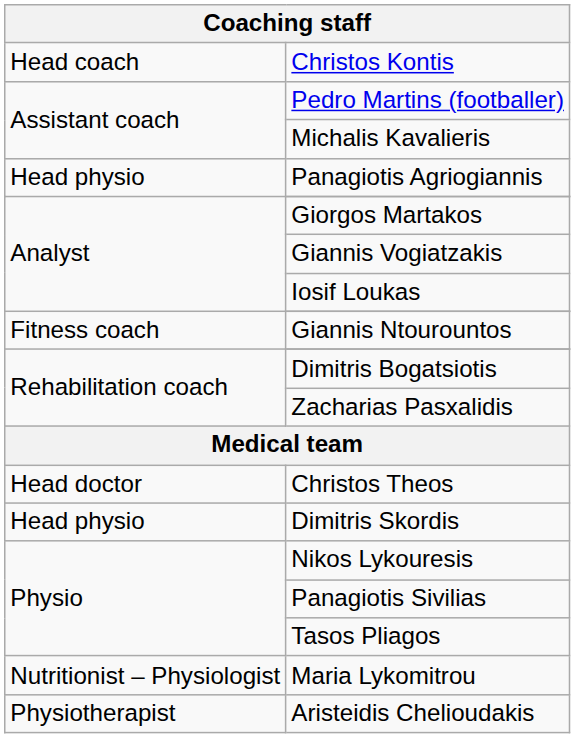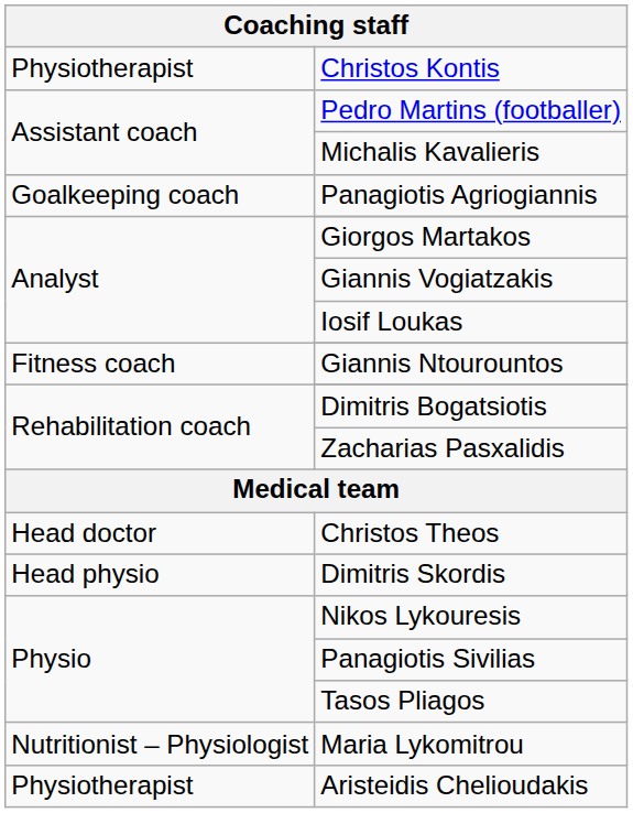 <table class="wikitable" style="text-align: center">
 <tr>
 <th colspan="2">Coaching staff </th>
 </tr>
 <tr>
-<td align=left>Head coach</td>
+<td align=left>Physiotherapist</td>
 <td align=left> <a href='#'>Christos Kontis</a></td>
 </tr>
 <tr>
 <td style="text-align:left;" rowspan="2">Assistant coach</td>
 <td align=left> <a href='#'>Pedro Martins (footballer)</a></td>
 </tr>
 <tr>
 <td align=left> Michalis Kavalieris</td>
 </tr>
 <tr>
-<td align=left>Head physio</td>
+<td align=left>Goalkeeping coach</td>
 <td align=left> Panagiotis Agriogiannis</td>
 </tr>
 <tr>
 <td style="text-align:left;" rowspan="4">Analyst</td>
 </tr>
 <tr>
 <td align=left> Giorgos Martakos</td>
 </tr>
 <tr>
 <td align=left> Giannis Vogiatzakis</td>
 </tr>
 <tr>
 <td align=left> Iosif Loukas</td>
 </tr>
 <tr>
 <td style="text-align:left;" rowspan="2">Fitness coach</td>
 </tr>
 <tr>
 <td align=left> Giannis Ntourountos</td>
 </tr>
 <tr>
 <td style="text-align:left;" rowspan="3">Rehabilitation coach</td>
 </tr>
 <tr>
 <td align=left> Dimitris Bogatsiotis</td>
 </tr>
 <tr>
 <td align=left> Zacharias Pasxalidis</td>
 </tr>
 <tr>
 <th colspan="2">Medical team </th>
 </tr>
 <tr>
 <td align=left>Head doctor</td>
 <td align=left> Christos Theos</td>
 </tr>
 <tr>
 <td align=left>Head physio</td>
 <td align=left> Dimitris Skordis</td>
 </tr>
 <tr>
 <td style="text-align:left;" rowspan="3">Physio</td>
 <td align=left> Nikos Lykouresis</td>
 </tr>
 <tr>
 <td align=left> Panagiotis Sivilias</td>
 </tr>
 <tr>
 <td align=left> Tasos Pliagos</td>
 </tr>
 <tr>
 <td align=left>Nutritionist – Physiologist</td>
 <td align=left> Maria Lykomitrou</td>
 </tr>
 <tr>
 <td align=left>Physiotherapist</td>
 <td align=left> Aristeidis Chelioudakis</td>
 </tr>
 </table>
